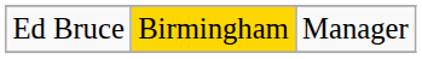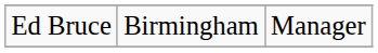 <table class="wikitable">
 <tr>
 </tr>
 <tr>
 <td>Ed Bruce</td>
-<td style="background: gold;">Birmingham</td>
+<td>Birmingham</td>
 <td>Manager</td>
 </tr>
 <tr>
 </tr>
 </table>
